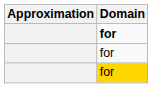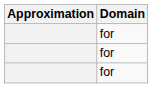 <table class="wikitable">
 <tr>
 <th scope="col">Approximation</th>
 <th scope="col">Domain</th>
 </tr>
 <tr>
 <th scope="row"></th>
-<td><strong>for </strong></td>
+<td>for </td>
 </tr>
 <tr>
 <th scope="row"></th>
 <td>for </td>
 </tr>
 <tr>
 <th scope="row"></th>
-<td style="background: gold;">for </td>
+<td>for </td>
 </tr>
 </table>
